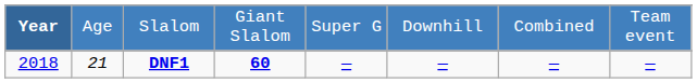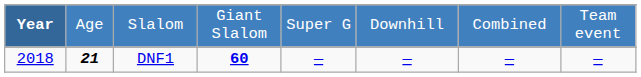 <table class="wikitable" style="font-size:95%; text-align:center; border:grey solid 1px; border-collapse:collapse;" width="40%">
 <tr style="background-color:#369; color:white;">
 <td rowspan="2" colspan="1" width="4%"><strong>Year</strong></td>
 </tr>
 <tr style="background-color:#4180be; color:white;">
 <td width="3%">Age</td>
 <td width="5%">Slalom</td>
 <td width="5%">Giant<br>Slalom</td>
 <td width="5%">Super G</td>
 <td width="5%">Downhill</td>
 <td width="5%">Combined</td>
 <td width="5%">Team event</td>
 </tr>
 <tr style="background-color:#8CB2D8; color:white;">
 </tr>
 <tr>
 <td><a href='#'>2018</a></td>
-<td><em>21</em></td>
-<td><strong><a href='#'>DNF1</a></strong></td>
+<td><strong><em>21</em></strong></td>
+<td><a href='#'>DNF1</a></td>
 <td><strong><a href='#'>60</a></strong></td>
 <td><a href='#'>—</a></td>
 <td><a href='#'>—</a></td>
 <td><a href='#'>—</a></td>
 <td><a href='#'>—</a></td>
 </tr>
 </table>
